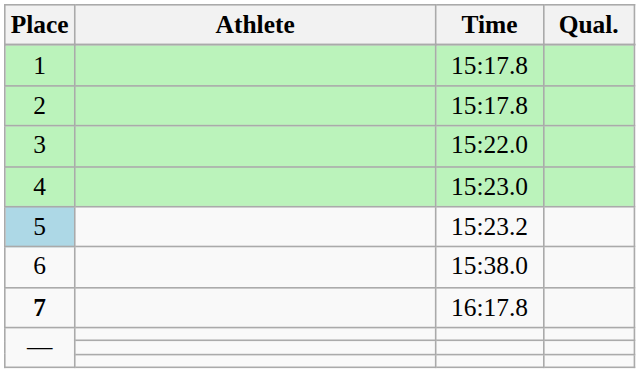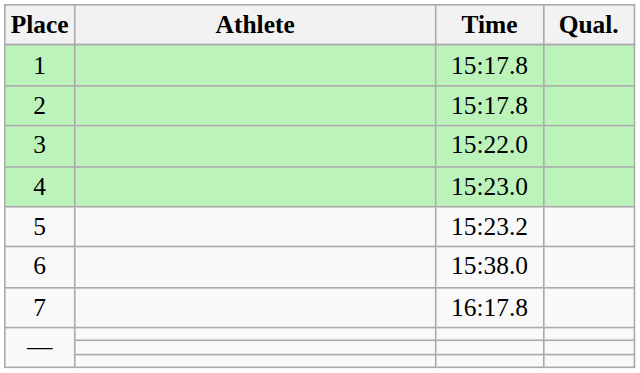 <table class=wikitable style="text-align:center">
 <tr>
 <th width=20>Place</th>
 <th width=220>Athlete</th>
 <th width=60>Time</th>
 <th width=50>Qual.</th>
 </tr>
 <tr>
 </tr>
 <tr bgcolor=bbf3bb>
 <td>1</td>
 <td align=left></td>
 <td>15:17.8</td>
 <td></td>
 </tr>
 <tr bgcolor=bbf3bb>
 <td>2</td>
 <td align=left></td>
 <td>15:17.8</td>
 <td></td>
 </tr>
 <tr bgcolor=bbf3bb>
 <td>3</td>
 <td align=left></td>
 <td>15:22.0</td>
 <td></td>
 </tr>
 <tr bgcolor=bbf3bb>
 <td>4</td>
 <td align=left></td>
 <td>15:23.0</td>
 <td></td>
 </tr>
 <tr>
-<td style="background: lightblue;">5</td>
+<td>5</td>
 <td align="left"></td>
 <td>15:23.2</td>
 <td></td>
 </tr>
 <tr>
 <td>6</td>
 <td align="left"></td>
 <td>15:38.0</td>
 <td></td>
 </tr>
 <tr>
-<td><strong>7</strong></td>
+<td>7</td>
 <td align=left></td>
 <td>16:17.8</td>
 <td></td>
 </tr>
 <tr>
 <td rowspan=3>—</td>
 <td align=left></td>
 <td></td>
 <td></td>
 </tr>
 <tr>
 <td align=left></td>
 <td></td>
 <td></td>
 </tr>
 <tr>
 <td align=left></td>
 <td></td>
 <td></td>
 </tr>
 </table>
